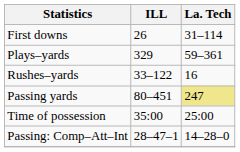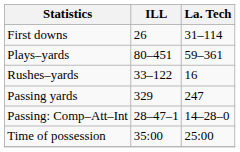 <table class="wikitable">
 <tr>
 <th>Statistics</th>
 <th>ILL</th>
 <th>La. Tech</th>
 </tr>
 <tr>
 <td>First downs</td>
 <td>26</td>
 <td>31–114</td>
 </tr>
 <tr>
 <td>Plays–yards</td>
-<td>329</td>
+<td>80–451</td>
 <td>59–361</td>
 </tr>
 <tr>
 <td>Rushes–yards</td>
 <td>33–122</td>
 <td>16</td>
 </tr>
 <tr>
 <td>Passing yards</td>
-<td>80–451</td>
-<td style="background: khaki;">247</td>
+<td>329</td>
+<td>247</td>
+</tr>
+<tr>
+<td>Passing: Comp–Att–Int</td>
+<td>28–47–1</td>
+<td>14–28–0</td>
 </tr>
 <tr>
 <td>Time of possession</td>
 <td>35:00</td>
 <td>25:00</td>
 </tr>
 <tr>
-<td>Passing: Comp–Att–Int</td>
-<td>28–47–1</td>
-<td>14–28–0</td>
-</tr>
-<tr>
 </tr>
 </table>
